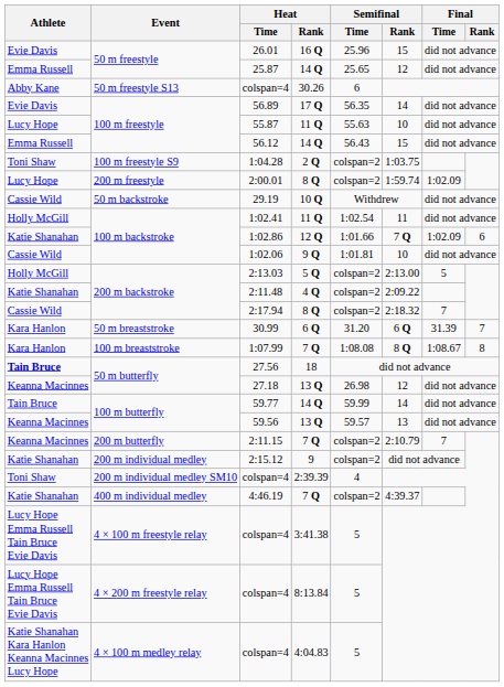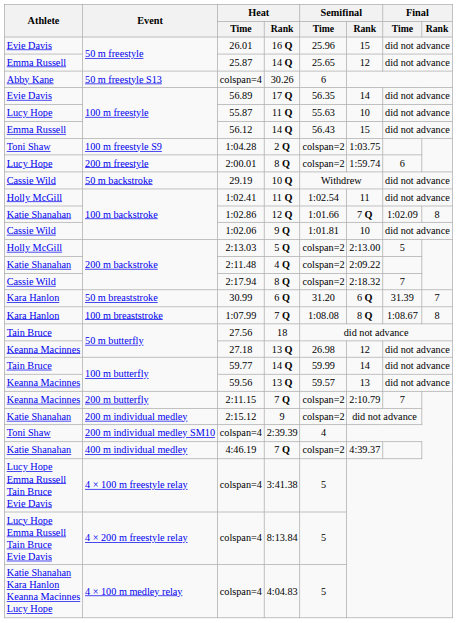 <table class=wikitable style=font-size:90%>
 <tr>
 <th rowspan=2>Athlete</th>
 <th rowspan=2>Event</th>
 <th colspan=2>Heat</th>
 <th colspan=2>Semifinal</th>
 <th colspan=2>Final</th>
 </tr>
 <tr style=font-size:95%>
 <th>Time</th>
 <th>Rank</th>
 <th>Time</th>
 <th>Rank</th>
 <th>Time</th>
 <th>Rank</th>
 </tr>
 <tr align=center>
 <td align=left><a href='#'>Evie Davis</a></td>
 <td align=left rowspan="2"><a href='#'>50 m freestyle</a></td>
 <td>26.01</td>
 <td>16 <strong>Q</strong></td>
 <td>25.96</td>
 <td>15</td>
 <td colspan=2>did not advance</td>
 </tr>
 <tr align=center>
 <td align=left><a href='#'>Emma Russell</a></td>
 <td>25.87</td>
 <td>14 <strong>Q</strong></td>
 <td>25.65</td>
 <td>12</td>
 <td colspan=2>did not advance</td>
 </tr>
 <tr align=center>
 <td align=left><a href='#'>Abby Kane</a></td>
 <td align=left rowspan="1"><a href='#'>50 m freestyle S13</a></td>
 <td>colspan=4 </td>
 <td>30.26</td>
 <td>6</td>
 </tr>
 <tr align=center>
 <td align=left><a href='#'>Evie Davis</a></td>
 <td align=left rowspan="3"><a href='#'>100 m freestyle</a></td>
 <td>56.89</td>
 <td>17 <strong>Q</strong></td>
 <td>56.35</td>
 <td>14</td>
 <td colspan=2>did not advance</td>
 </tr>
 <tr align=center>
 <td align=left><a href='#'>Lucy Hope</a></td>
 <td>55.87</td>
 <td>11 <strong>Q</strong></td>
 <td>55.63</td>
 <td>10</td>
 <td colspan=2>did not advance</td>
 </tr>
 <tr align=center>
 <td align=left><a href='#'>Emma Russell</a></td>
 <td>56.12</td>
 <td>14 <strong>Q</strong></td>
 <td>56.43</td>
 <td>15</td>
 <td colspan=2>did not advance</td>
 </tr>
 <tr align=center>
 <td align=left><a href='#'>Toni Shaw</a></td>
 <td align=left rowspan="1"><a href='#'>100 m freestyle S9</a></td>
 <td>1:04.28</td>
 <td>2 <strong>Q</strong></td>
 <td>colspan=2 </td>
 <td>1:03.75</td>
 <td></td>
 </tr>
 <tr align=center>
 <td align=left><a href='#'>Lucy Hope</a></td>
 <td align=left rowspan="1"><a href='#'>200 m freestyle</a></td>
 <td>2:00.01</td>
 <td>8 <strong>Q</strong></td>
 <td>colspan=2 </td>
 <td>1:59.74</td>
-<td>1:02.09</td>
+<td>6</td>
 </tr>
 <tr align=center>
 <td align=left><a href='#'>Cassie Wild</a></td>
 <td align=left rowspan="1"><a href='#'>50 m backstroke</a></td>
 <td>29.19</td>
 <td>10 <strong>Q</strong></td>
 <td colspan=2>Withdrew</td>
 <td colspan=2>did not advance</td>
 </tr>
 <tr align=center>
 <td align=left><a href='#'>Holly McGill</a></td>
 <td align=left rowspan="3"><a href='#'>100 m backstroke</a></td>
 <td>1:02.41</td>
 <td>11 <strong>Q</strong></td>
 <td>1:02.54</td>
 <td>11</td>
 <td colspan=2>did not advance</td>
 </tr>
 <tr align=center>
 <td align=left><a href='#'>Katie Shanahan</a></td>
 <td>1:02.86</td>
 <td>12 <strong>Q</strong></td>
 <td>1:01.66</td>
 <td>7 <strong>Q</strong></td>
 <td>1:02.09</td>
-<td>6</td>
+<td>8</td>
 </tr>
 <tr align=center>
 <td align=left><a href='#'>Cassie Wild</a></td>
 <td>1:02.06</td>
 <td>9 <strong>Q</strong></td>
 <td>1:01.81</td>
 <td>10</td>
 <td colspan=2>did not advance</td>
 </tr>
 <tr align=center>
 <td align=left><a href='#'>Holly McGill</a></td>
 <td align=left rowspan="3"><a href='#'>200 m backstroke</a></td>
 <td>2:13.03</td>
 <td>5 <strong>Q</strong></td>
 <td>colspan=2 </td>
 <td>2:13.00</td>
 <td>5</td>
 </tr>
 <tr align=center>
 <td align=left><a href='#'>Katie Shanahan</a></td>
 <td>2:11.48</td>
 <td>4 <strong>Q</strong></td>
 <td>colspan=2 </td>
 <td>2:09.22</td>
 <td></td>
 </tr>
 <tr align=center>
 <td align=left><a href='#'>Cassie Wild</a></td>
 <td>2:17.94</td>
 <td>8 <strong>Q</strong></td>
 <td>colspan=2 </td>
 <td>2:18.32</td>
 <td>7</td>
 </tr>
 <tr align=center>
 <td align=left><a href='#'>Kara Hanlon</a></td>
 <td align=left rowspan="1"><a href='#'>50 m breaststroke</a></td>
 <td>30.99</td>
 <td>6 <strong>Q</strong></td>
 <td>31.20</td>
 <td>6 <strong>Q</strong></td>
 <td>31.39</td>
 <td>7</td>
 </tr>
 <tr align=center>
 <td align=left><a href='#'>Kara Hanlon</a></td>
 <td align=left rowspan="1"><a href='#'>100 m breaststroke</a></td>
 <td>1:07.99</td>
 <td>7 <strong>Q</strong></td>
 <td>1:08.08</td>
 <td>8 <strong>Q</strong></td>
 <td>1:08.67</td>
 <td>8</td>
 </tr>
 <tr align=center>
-<td align=left><strong><a href='#'>Tain Bruce</a></strong></td>
+<td align=left><a href='#'>Tain Bruce</a></td>
 <td align=left rowspan="2"><a href='#'>50 m butterfly</a></td>
 <td>27.56</td>
 <td>18</td>
 <td colspan=4>did not advance</td>
 </tr>
 <tr align=center>
 <td align=left><a href='#'>Keanna Macinnes</a></td>
 <td>27.18</td>
 <td>13 <strong>Q</strong></td>
 <td>26.98</td>
 <td>12</td>
 <td colspan=2>did not advance</td>
 </tr>
 <tr align=center>
 <td align=left><a href='#'>Tain Bruce</a></td>
 <td align=left rowspan="2"><a href='#'>100 m butterfly</a></td>
 <td>59.77</td>
 <td>14 <strong>Q</strong></td>
 <td>59.99</td>
 <td>14</td>
 <td colspan=2>did not advance</td>
 </tr>
 <tr align=center>
 <td align=left><a href='#'>Keanna Macinnes</a></td>
 <td>59.56</td>
 <td>13 <strong>Q</strong></td>
 <td>59.57</td>
 <td>13</td>
 <td colspan=2>did not advance</td>
 </tr>
 <tr align=center>
 <td align=left><a href='#'>Keanna Macinnes</a></td>
 <td align=left rowspan="1"><a href='#'>200 m butterfly</a></td>
 <td>2:11.15</td>
 <td>7 <strong>Q</strong></td>
 <td>colspan=2 </td>
 <td>2:10.79</td>
 <td>7</td>
 </tr>
 <tr align=center>
 <td align=left><a href='#'>Katie Shanahan</a></td>
 <td align=left rowspan="1"><a href='#'>200 m individual medley</a></td>
 <td>2:15.12</td>
 <td>9</td>
 <td>colspan=2 </td>
 <td colspan=2>did not advance</td>
 </tr>
 <tr align=center>
 <td align=left><a href='#'>Toni Shaw</a></td>
 <td align=left rowspan="1"><a href='#'>200 m individual medley SM10</a></td>
 <td>colspan=4 </td>
 <td>2:39.39</td>
 <td>4</td>
 </tr>
 <tr align=center>
 <td align=left><a href='#'>Katie Shanahan</a></td>
 <td align=left rowspan="1"><a href='#'>400 m individual medley</a></td>
 <td>4:46.19</td>
 <td>7 <strong>Q</strong></td>
 <td>colspan=2 </td>
 <td>4:39.37</td>
 <td></td>
 </tr>
 <tr align=center>
 <td align=left><a href='#'>Lucy Hope</a><br><a href='#'>Emma Russell</a><br><a href='#'>Tain Bruce</a><br><a href='#'>Evie Davis</a></td>
 <td align=left><a href='#'>4 × 100 m freestyle relay</a></td>
 <td>colspan=4 </td>
 <td>3:41.38</td>
 <td>5</td>
 </tr>
 <tr align=center>
 <td align=left><a href='#'>Lucy Hope</a><br><a href='#'>Emma Russell</a><br><a href='#'>Tain Bruce</a><br><a href='#'>Evie Davis</a></td>
 <td align=left><a href='#'>4 × 200 m freestyle relay</a></td>
 <td>colspan=4 </td>
 <td>8:13.84</td>
 <td>5</td>
 </tr>
 <tr align=center>
 <td align=left><a href='#'>Katie Shanahan</a><br><a href='#'>Kara Hanlon</a><br><a href='#'>Keanna Macinnes</a><br><a href='#'>Lucy Hope</a></td>
 <td align=left><a href='#'>4 × 100 m medley relay</a></td>
 <td>colspan=4 </td>
 <td>4:04.83</td>
 <td>5</td>
 </tr>
 </table>
